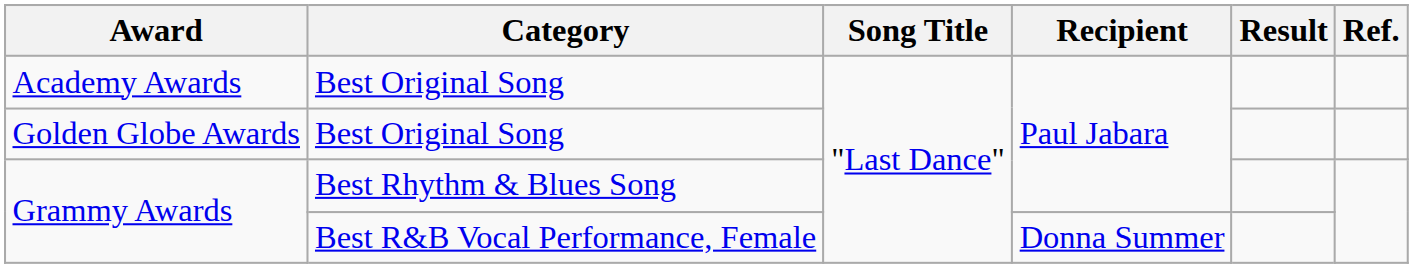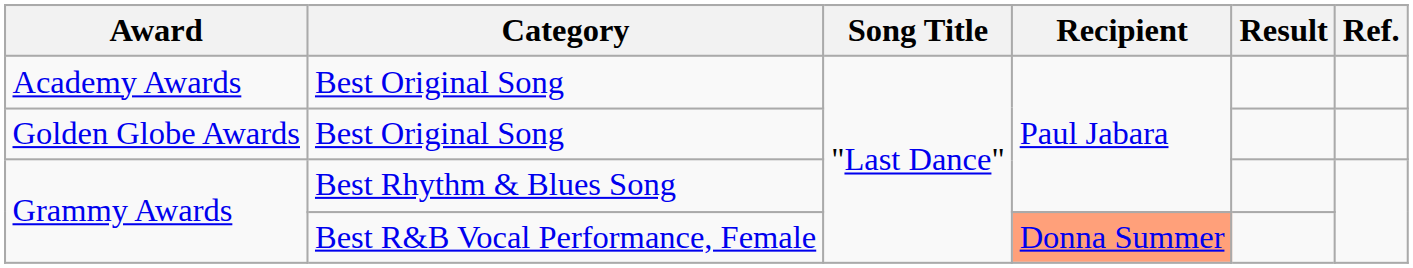 <table class="wikitable plainrowheaders">
 <tr>
 <th>Award</th>
 <th>Category</th>
 <th>Song Title</th>
 <th>Recipient</th>
 <th>Result</th>
 <th>Ref.</th>
 </tr>
 <tr>
 <td><a href='#'>Academy Awards</a></td>
 <td><a href='#'>Best Original Song</a></td>
 <td rowspan="4">"<a href='#'>Last Dance</a>"</td>
 <td rowspan="3"><a href='#'>Paul Jabara</a></td>
 <td></td>
 <td align="center"></td>
 </tr>
 <tr>
 <td><a href='#'>Golden Globe Awards</a></td>
 <td><a href='#'>Best Original Song</a></td>
 <td></td>
 <td align="center"></td>
 </tr>
 <tr>
 <td rowspan="2"><a href='#'>Grammy Awards</a></td>
 <td><a href='#'>Best Rhythm & Blues Song</a></td>
 <td></td>
 <td align="center" rowspan="2"></td>
 </tr>
 <tr>
 <td><a href='#'>Best R&B Vocal Performance, Female</a></td>
-<td><a href='#'>Donna Summer</a></td>
+<td style="background: lightsalmon;"><a href='#'>Donna Summer</a></td>
 <td></td>
 </tr>
 </table>
